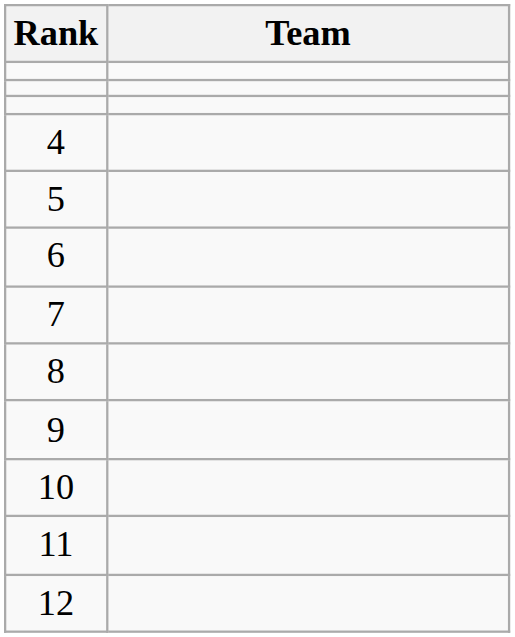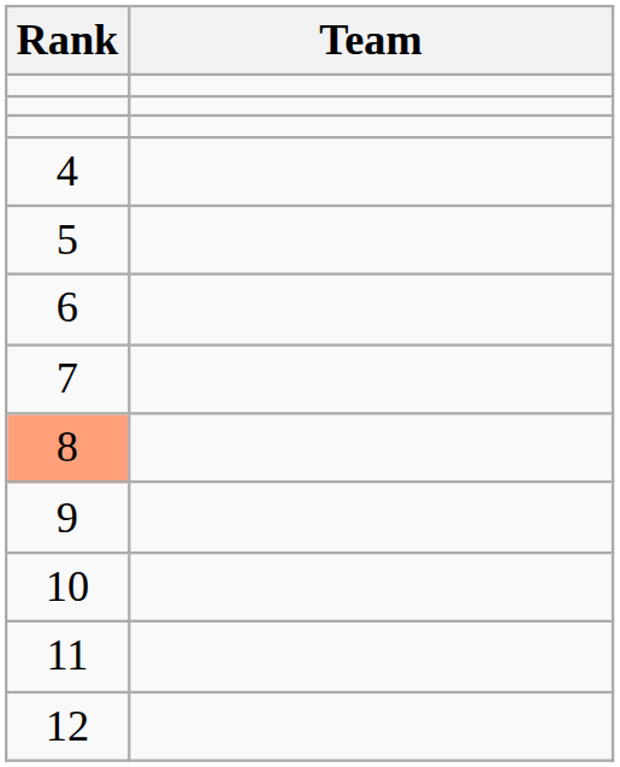 <table class="wikitable sortable">
 <tr>
 <th>Rank</th>
 <th width=170>Team</th>
 </tr>
 <tr>
 <td align=center></td>
 <td></td>
 </tr>
 <tr>
 <td align=center></td>
 <td></td>
 </tr>
 <tr>
 <td align=center></td>
 <td></td>
 </tr>
 <tr>
 <td align=center>4</td>
 <td></td>
 </tr>
 <tr>
 <td align=center>5</td>
 <td></td>
 </tr>
 <tr>
 <td align=center>6</td>
 <td></td>
 </tr>
 <tr>
 <td align=center>7</td>
 <td></td>
 </tr>
 <tr>
-<td align=center>8</td>
+<td align=center style="background: lightsalmon;">8</td>
 <td></td>
 </tr>
 <tr>
 <td align=center>9</td>
 <td></td>
 </tr>
 <tr>
 <td align=center>10</td>
 <td></td>
 </tr>
 <tr>
 <td align=center>11</td>
 <td></td>
 </tr>
 <tr>
 <td align=center>12</td>
 <td></td>
 </tr>
 </table>
